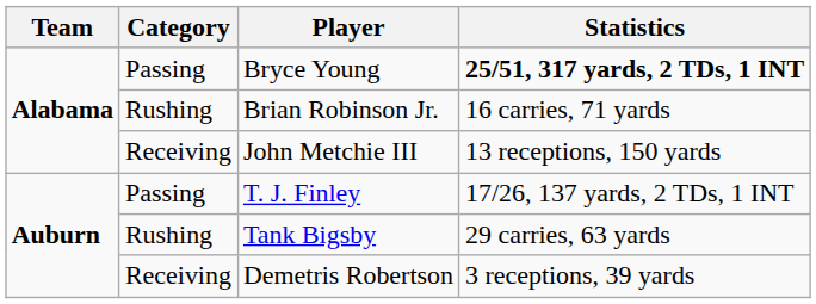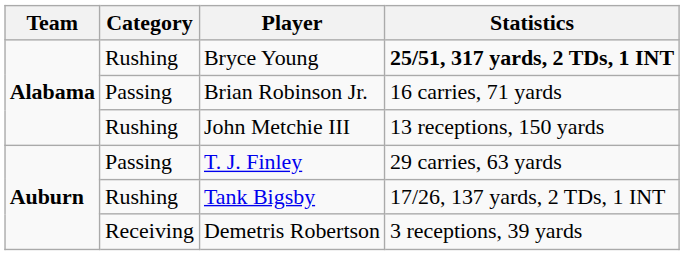 <table class="wikitable" style="float: right;">
 <tr>
 <th>Team</th>
 <th>Category</th>
 <th>Player</th>
 <th>Statistics</th>
 </tr>
 <tr>
 <td rowspan=3><strong>Alabama</strong></td>
-<td>Passing</td>
+<td>Rushing</td>
 <td>Bryce Young</td>
 <td><strong>25/51, 317 yards, 2 TDs, 1 INT</strong></td>
 </tr>
 <tr>
-<td>Rushing</td>
+<td>Passing</td>
 <td>Brian Robinson Jr.</td>
 <td>16 carries, 71 yards</td>
 </tr>
 <tr>
-<td>Receiving</td>
+<td>Rushing</td>
 <td>John Metchie III</td>
 <td>13 receptions, 150 yards</td>
 </tr>
 <tr>
 <td rowspan=3><strong>Auburn</strong></td>
 <td>Passing</td>
 <td><a href='#'>T. J. Finley</a></td>
-<td>17/26, 137 yards, 2 TDs, 1 INT</td>
+<td>29 carries, 63 yards</td>
 </tr>
 <tr>
 <td>Rushing</td>
 <td><a href='#'>Tank Bigsby</a></td>
-<td>29 carries, 63 yards</td>
+<td>17/26, 137 yards, 2 TDs, 1 INT</td>
 </tr>
 <tr>
 <td>Receiving</td>
 <td>Demetris Robertson</td>
 <td>3 receptions, 39 yards</td>
 </tr>
 </table>
